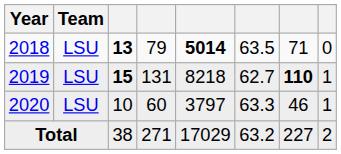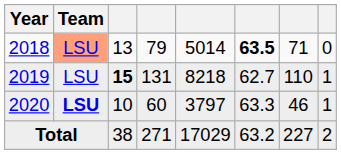 <table class="wikitable sortable" style="text-align:center;">
 <tr>
 <th>Year</th>
 <th>Team</th>
 <th></th>
 <th></th>
 <th></th>
 <th></th>
 <th></th>
 <th></th>
 </tr>
 <tr>
 <td><a href='#'>2018</a></td>
-<td><a href='#'>LSU</a></td>
-<td><strong>13</strong></td>
+<td style="background: lightsalmon;"><a href='#'>LSU</a></td>
+<td>13</td>
 <td>79</td>
-<td><strong>5014</strong></td>
-<td>63.5</td>
+<td>5014</td>
+<td><strong>63.5</strong></td>
 <td>71</td>
 <td>0</td>
 </tr>
 <tr class="sortbottom" style="background:#eee;">
 <td><a href='#'>2019</a></td>
 <td><a href='#'>LSU</a></td>
 <td><strong>15</strong></td>
 <td>131</td>
 <td>8218</td>
 <td>62.7</td>
-<td><strong>110</strong></td>
+<td>110</td>
 <td>1</td>
 </tr>
 <tr class="sortbottom" style="background:#eee;">
 <td><a href='#'>2020</a></td>
-<td><a href='#'>LSU</a></td>
+<td><strong><a href='#'>LSU</a></strong></td>
 <td>10</td>
 <td>60</td>
 <td>3797</td>
 <td>63.3</td>
 <td>46</td>
 <td>1</td>
 </tr>
 <tr class="sortbottom" style="background:#eee;">
 <td colspan="2"><strong>Total</strong></td>
 <td>38</td>
 <td>271</td>
 <td>17029</td>
 <td>63.2</td>
 <td>227</td>
 <td>2</td>
 </tr>
 </table>
